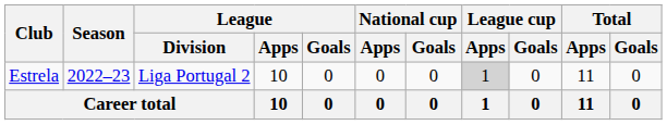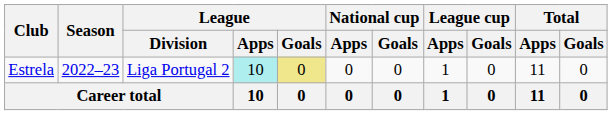 <table class="wikitable" style="text-align:center">
 <tr>
 <th rowspan="2">Club</th>
 <th rowspan="2">Season</th>
 <th colspan="3">League</th>
 <th colspan="2">National cup</th>
 <th colspan="2">League cup</th>
 <th colspan="2">Total</th>
 </tr>
 <tr>
 <th>Division</th>
 <th>Apps</th>
 <th>Goals</th>
 <th>Apps</th>
 <th>Goals</th>
 <th>Apps</th>
 <th>Goals</th>
 <th>Apps</th>
 <th>Goals</th>
 </tr>
 <tr>
 <td><a href='#'>Estrela</a></td>
 <td><a href='#'>2022–23</a></td>
 <td><a href='#'>Liga Portugal 2</a></td>
-<td>10</td>
+<td style="background: paleturquoise;">10</td>
+<td style="background: khaki;">0</td>
 <td>0</td>
 <td>0</td>
-<td>0</td>
-<td style="background: lightgrey;">1</td>
+<td>1</td>
 <td>0</td>
 <td>11</td>
 <td>0</td>
 </tr>
 <tr>
 <th colspan=3>Career total</th>
 <th>10</th>
 <th>0</th>
 <th>0</th>
 <th>0</th>
 <th>1</th>
 <th>0</th>
 <th>11</th>
 <th>0</th>
 </tr>
 </table>
